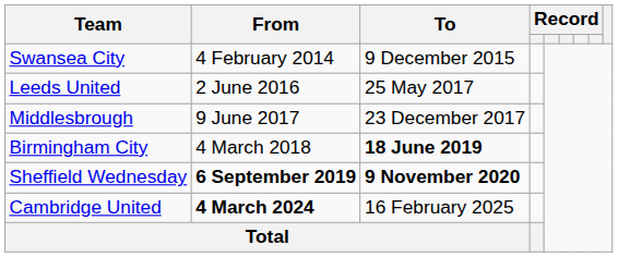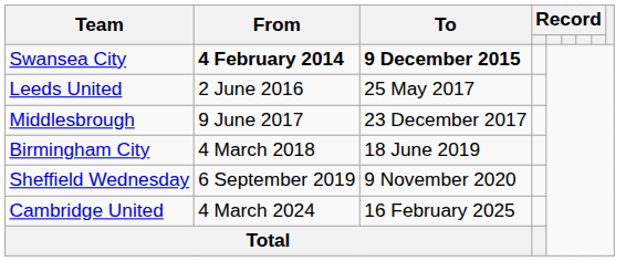 <table class=wikitable style=text-align:center>
 <tr>
 <th rowspan=2>Team</th>
 <th rowspan=2>From</th>
 <th rowspan=2>To</th>
 <th colspan=5>Record</th>
 <th rowspan=2></th>
 </tr>
 <tr>
 <th></th>
 <th></th>
 <th></th>
 <th></th>
 <th></th>
 </tr>
 <tr>
 <td align=left><a href='#'>Swansea City</a></td>
-<td align=left>4 February 2014</td>
-<td align=left>9 December 2015<br></td>
+<td align=left><strong>4 February 2014</strong></td>
+<td align=left><strong>9 December 2015<br></strong></td>
 <td></td>
 </tr>
 <tr>
 <td align=left><a href='#'>Leeds United</a></td>
 <td align=left>2 June 2016</td>
 <td align=left>25 May 2017<br></td>
 <td></td>
 </tr>
 <tr>
 <td align=left><a href='#'>Middlesbrough</a></td>
 <td align=left>9 June 2017</td>
 <td align=left>23 December 2017<br></td>
 <td></td>
 </tr>
 <tr>
 <td align=left><a href='#'>Birmingham City</a></td>
 <td align=left>4 March 2018</td>
-<td align=left><strong>18 June 2019<br></strong></td>
+<td align=left>18 June 2019<br></td>
 <td></td>
 </tr>
 <tr>
 <td align=left><a href='#'>Sheffield Wednesday</a></td>
-<td align=left><strong>6 September 2019</strong></td>
-<td align=left><strong>9 November 2020<br></strong></td>
+<td align=left>6 September 2019</td>
+<td align=left>9 November 2020<br></td>
 <td></td>
 </tr>
 <tr>
 <td align=left><a href='#'>Cambridge United</a></td>
-<td align=left><strong>4 March 2024</strong></td>
+<td align=left>4 March 2024</td>
 <td align=left>16 February 2025<br></td>
 <td></td>
 </tr>
 <tr>
 <th colspan=3>Total<br></th>
 <th></th>
 </tr>
 </table>
